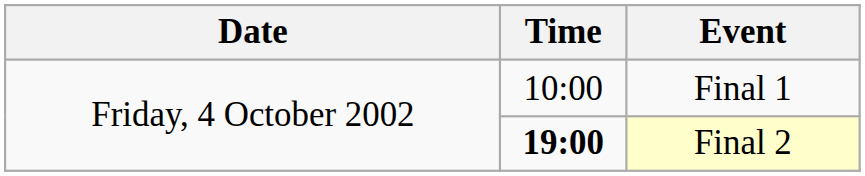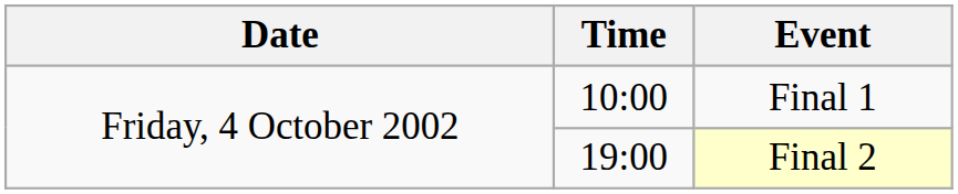 <table class = "wikitable" style="text-align:center;">
 <tr>
 <th width=220>Date</th>
 <th width=50>Time</th>
 <th width=100>Event</th>
 </tr>
 <tr>
 <td rowspan=2>Friday, 4 October 2002</td>
 <td>10:00</td>
 <td>Final 1</td>
 </tr>
 <tr>
-<td><strong>19:00</strong></td>
+<td>19:00</td>
 <td bgcolor=ffffcc>Final 2</td>
 </tr>
 </table>
